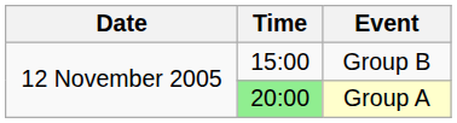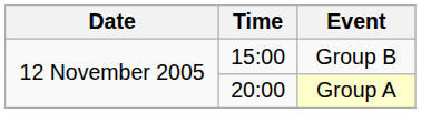 <table class = "wikitable" style="text-align:center;">
 <tr>
 <th width=150>Date</th>
 <th width=50>Time</th>
 <th width=80>Event</th>
 </tr>
 <tr>
 <td rowspan=2>12 November 2005</td>
 <td>15:00</td>
 <td>Group B</td>
 </tr>
 <tr>
-<td style="background: lightgreen;">20:00</td>
+<td>20:00</td>
 <td bgcolor=ffffcc>Group A</td>
 </tr>
 </table>
